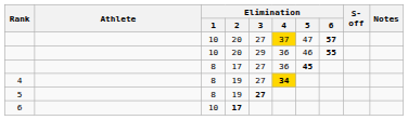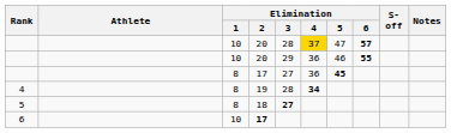 <table class="wikitable" style="text-align:center">
 <tr>
 <th rowspan=2 width=40>Rank</th>
 <th rowspan=2 width=250>Athlete</th>
 <th colspan=6>Elimination</th>
 <th rowspan=2 width=35>S-off</th>
 <th rowspan=2 width=45>Notes</th>
 </tr>
 <tr>
 <th width=30>1</th>
 <th width=30>2</th>
 <th width=30>3</th>
 <th width=30>4</th>
 <th width=30>5</th>
 <th width=30>6</th>
 </tr>
 <tr>
 <td></td>
 <td align=left></td>
 <td>10</td>
 <td>20</td>
-<td>27</td>
+<td>28</td>
 <td style="background: gold;">37</td>
 <td>47</td>
 <td><strong>57</strong></td>
 <td></td>
 <td></td>
 </tr>
 <tr>
 <td></td>
 <td align=left></td>
 <td>10</td>
 <td>20</td>
 <td>29</td>
 <td>36</td>
 <td>46</td>
 <td><strong>55</strong></td>
 <td></td>
 <td></td>
 </tr>
 <tr>
 <td></td>
 <td align=left></td>
 <td>8</td>
 <td>17</td>
 <td>27</td>
 <td>36</td>
 <td><strong>45</strong></td>
 <td></td>
 <td></td>
 <td></td>
 </tr>
 <tr>
 <td>4</td>
 <td align=left></td>
 <td>8</td>
 <td>19</td>
-<td>27</td>
-<td style="background: gold;"><strong>34</strong></td>
+<td>28</td>
+<td><strong>34</strong></td>
 <td></td>
 <td></td>
 <td></td>
 <td></td>
 </tr>
 <tr>
 <td>5</td>
 <td align=left></td>
 <td>8</td>
-<td>19</td>
+<td>18</td>
 <td><strong>27</strong></td>
 <td></td>
 <td></td>
 <td></td>
 <td></td>
 <td></td>
 </tr>
 <tr>
 <td>6</td>
 <td align=left></td>
 <td>10</td>
 <td><strong>17</strong></td>
 <td></td>
 <td></td>
 <td></td>
 <td></td>
 <td></td>
 <td></td>
 </tr>
 </table>
